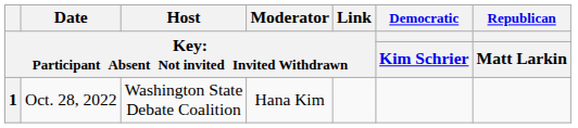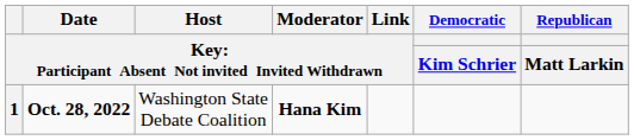 <table class="wikitable" style="text-align:center;">
 <tr>
 <th scope="col"></th>
 <th scope="col">Date</th>
 <th scope="col">Host</th>
 <th scope="col">Moderator</th>
 <th scope="col">Link</th>
 <th scope="col"><small><a href='#'>Democratic</a></small></th>
 <th scope="col"><small><a href='#'>Republican</a></small></th>
 </tr>
 <tr>
 <th colspan="5" rowspan="2">Key:<br> <small>Participant </small>  <small>Absent </small>  <small>Not invited </small>  <small>Invited  Withdrawn</small></th>
 <th scope="col" style="background:"></th>
 <th scope="col" style="background:"></th>
 </tr>
 <tr>
 <th scope="col"><a href='#'>Kim Schrier</a></th>
 <th scope="col">Matt Larkin</th>
 </tr>
 <tr>
 <th>1</th>
-<td style="white-space:nowrap;">Oct. 28, 2022</td>
+<td style="white-space:nowrap;"><strong>Oct. 28, 2022</strong></td>
 <td style="white-space:nowrap;">Washington State<br>Debate Coalition</td>
-<td style="white-space:nowrap;">Hana Kim</td>
+<td style="white-space:nowrap;"><strong>Hana Kim</strong></td>
 <td style="white-space:nowrap;"></td>
 <td></td>
 <td></td>
 </tr>
 </table>
